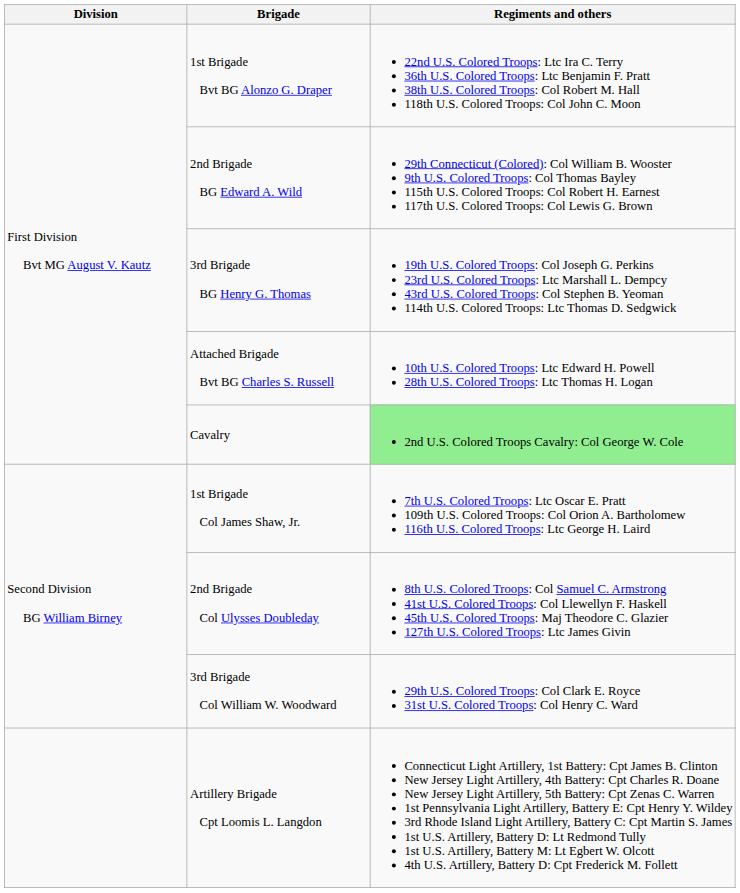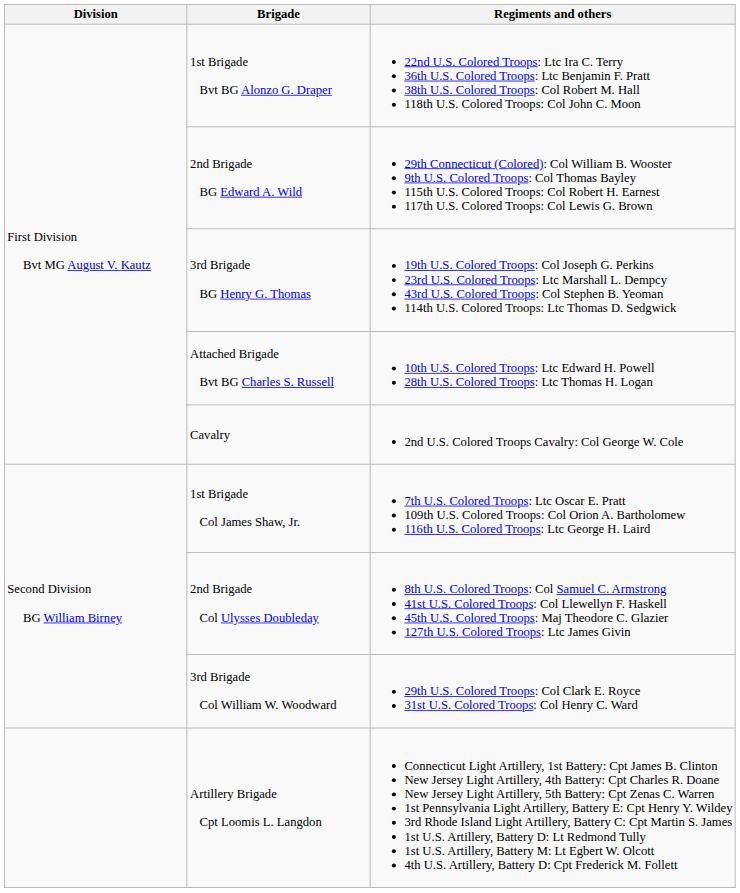 <table class="wikitable">
 <tr>
 <th style="width:25%;">Division</th>
 <th style="width:25%;">Brigade</th>
 <th>Regiments and others</th>
 </tr>
 <tr>
 <td rowspan=5><br>First Division<br><br>     Bvt MG <a href='#'>August V. Kautz</a> </td>
 <td>1st Brigade<br><br>   Bvt BG <a href='#'>Alonzo G. Draper</a></td>
 <td><br><ul><li><a href='#'>22nd U.S. Colored Troops</a>: Ltc Ira C. Terry</li><li><a href='#'>36th U.S. Colored Troops</a>: Ltc Benjamin F. Pratt</li><li><a href='#'>38th U.S. Colored Troops</a>: Col Robert M. Hall</li><li>118th U.S. Colored Troops: Col John C. Moon</li></ul></td>
 </tr>
 <tr>
 <td>2nd Brigade<br><br>   BG <a href='#'>Edward A. Wild</a></td>
 <td><br><ul><li><a href='#'>29th Connecticut (Colored)</a>: Col William B. Wooster</li><li><a href='#'>9th U.S. Colored Troops</a>: Col Thomas Bayley</li><li>115th U.S. Colored Troops: Col Robert H. Earnest</li><li>117th U.S. Colored Troops: Col Lewis G. Brown</li></ul></td>
 </tr>
 <tr>
 <td>3rd Brigade<br><br>   BG <a href='#'>Henry G. Thomas</a></td>
 <td><br><ul><li><a href='#'>19th U.S. Colored Troops</a>: Col Joseph G. Perkins</li><li><a href='#'>23rd U.S. Colored Troops</a>: Ltc Marshall L. Dempcy</li><li><a href='#'>43rd U.S. Colored Troops</a>: Col Stephen B. Yeoman</li><li>114th U.S. Colored Troops: Ltc Thomas D. Sedgwick</li></ul></td>
 </tr>
 <tr>
 <td>Attached Brigade<br><br>   Bvt BG <a href='#'>Charles S. Russell</a></td>
 <td><br><ul><li><a href='#'>10th U.S. Colored Troops</a>: Ltc Edward H. Powell</li><li><a href='#'>28th U.S. Colored Troops</a>: Ltc Thomas H. Logan</li></ul></td>
 </tr>
 <tr>
 <td>Cavalry</td>
-<td style="background: lightgreen;"><br><ul><li>2nd U.S. Colored Troops Cavalry: Col George W. Cole</li></ul></td>
+<td><br><ul><li>2nd U.S. Colored Troops Cavalry: Col George W. Cole</li></ul></td>
 </tr>
 <tr>
 <td rowspan= 3><br>Second Division<br><br>     BG <a href='#'>William Birney</a> </td>
 <td>1st Brigade<br><br>   Col James Shaw, Jr.</td>
 <td><br><ul><li><a href='#'>7th U.S. Colored Troops</a>: Ltc Oscar E. Pratt</li><li>109th U.S. Colored Troops: Col Orion A. Bartholomew</li><li><a href='#'>116th U.S. Colored Troops</a>: Ltc George H. Laird</li></ul></td>
 </tr>
 <tr>
 <td>2nd Brigade<br><br>   Col <a href='#'>Ulysses Doubleday</a></td>
 <td><br><ul><li><a href='#'>8th U.S. Colored Troops</a>: Col <a href='#'>Samuel C. Armstrong</a></li><li><a href='#'>41st U.S. Colored Troops</a>: Col Llewellyn F. Haskell</li><li><a href='#'>45th U.S. Colored Troops</a>: Maj Theodore C. Glazier</li><li><a href='#'>127th U.S. Colored Troops</a>: Ltc James Givin</li></ul></td>
 </tr>
 <tr>
 <td>3rd Brigade<br><br>   Col William W. Woodward</td>
 <td><br><ul><li><a href='#'>29th U.S. Colored Troops</a>: Col Clark E. Royce</li><li><a href='#'>31st U.S. Colored Troops</a>: Col Henry C. Ward</li></ul></td>
 </tr>
 <tr>
 <td></td>
 <td>Artillery Brigade<br><br>   Cpt Loomis L. Langdon</td>
 <td><br><ul><li>Connecticut Light Artillery, 1st Battery: Cpt James B. Clinton</li><li>New Jersey Light Artillery, 4th Battery: Cpt Charles R. Doane</li><li>New Jersey Light Artillery, 5th Battery: Cpt Zenas C. Warren</li><li>1st Pennsylvania Light Artillery, Battery E: Cpt Henry Y. Wildey</li><li>3rd Rhode Island Light Artillery, Battery C: Cpt Martin S. James</li><li>1st U.S. Artillery, Battery D: Lt Redmond Tully</li><li>1st U.S. Artillery, Battery M: Lt Egbert W. Olcott</li><li>4th U.S. Artillery, Battery D: Cpt Frederick M. Follett</li></ul></td>
 </tr>
 </table>
